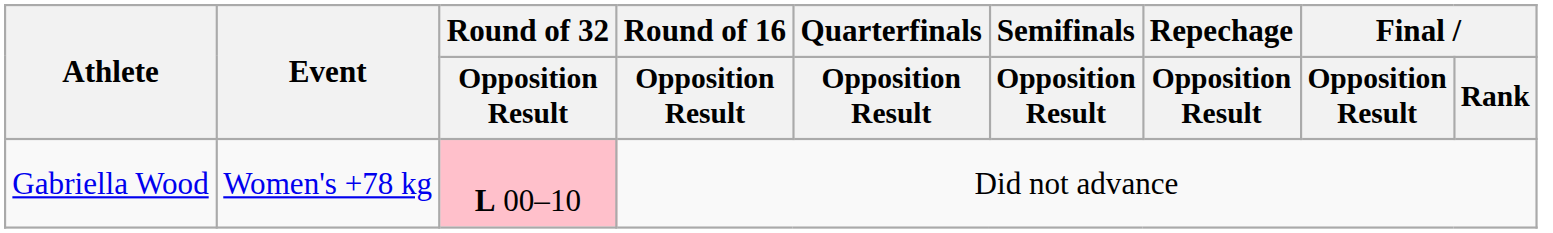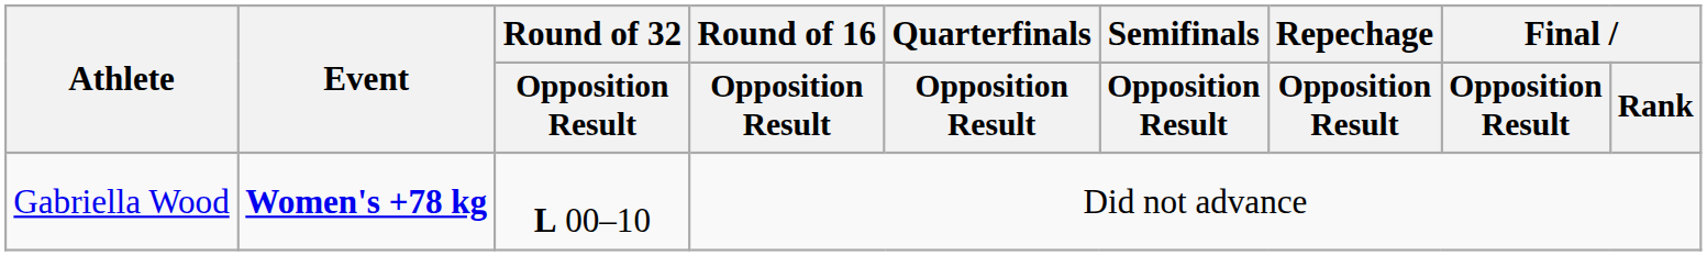 <table class="wikitable" style="font-size:90%">
 <tr>
 <th rowspan="2">Athlete</th>
 <th rowspan="2">Event</th>
 <th>Round of 32</th>
 <th>Round of 16</th>
 <th>Quarterfinals</th>
 <th>Semifinals</th>
 <th>Repechage</th>
 <th colspan=2>Final / </th>
 </tr>
 <tr style="font-size:95%">
 <th>Opposition<br>Result</th>
 <th>Opposition<br>Result</th>
 <th>Opposition<br>Result</th>
 <th>Opposition<br>Result</th>
 <th>Opposition<br>Result</th>
 <th>Opposition<br>Result</th>
 <th>Rank</th>
 </tr>
 <tr align=center>
 <td align=left><a href='#'>Gabriella Wood</a></td>
-<td align=left><a href='#'>Women's +78 kg</a></td>
-<td style="background: pink;"><br><strong>L</strong> 00–10</td>
+<td align=left><strong><a href='#'>Women's +78 kg</a></strong></td>
+<td><br><strong>L</strong> 00–10</td>
 <td colspan=6>Did not advance</td>
 </tr>
 </table>
